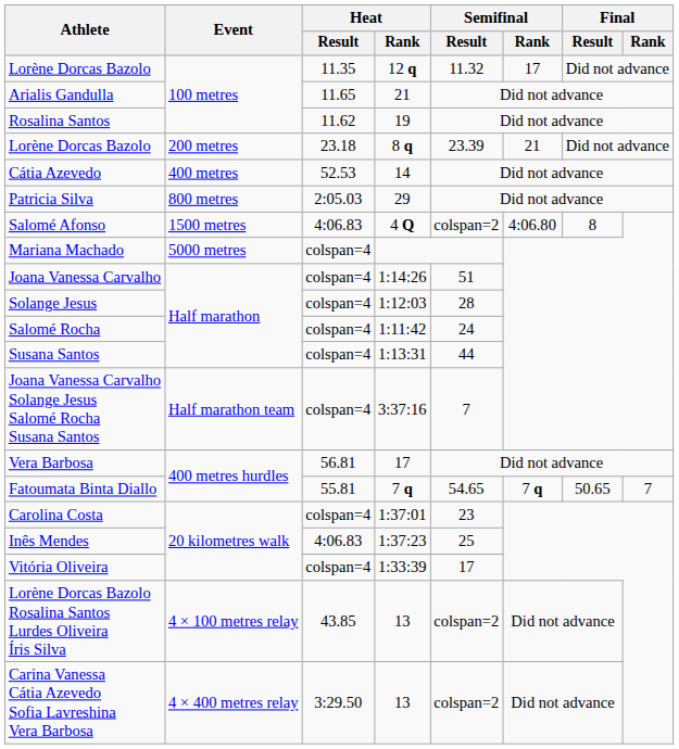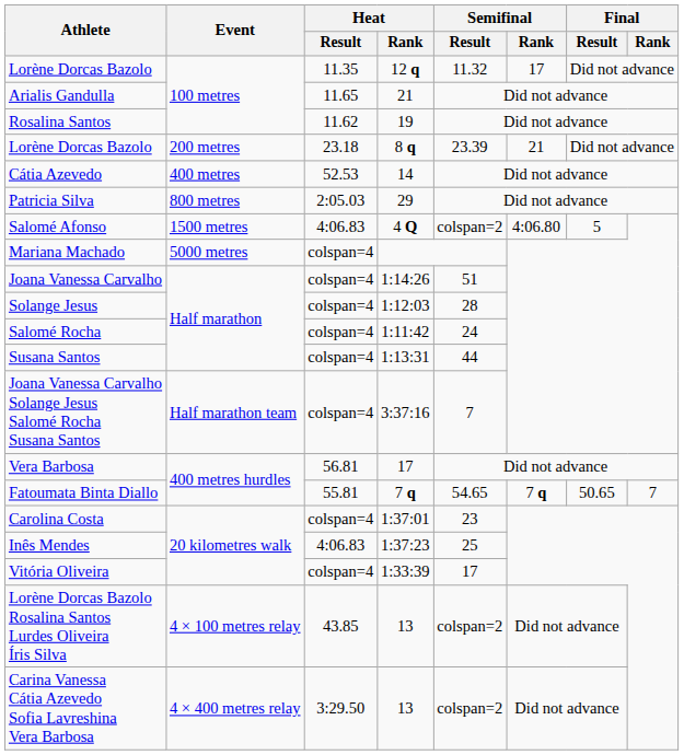 <table class=wikitable style=font-size:90%>
 <tr>
 <th rowspan=2>Athlete</th>
 <th rowspan=2>Event</th>
 <th colspan=2>Heat</th>
 <th colspan=2>Semifinal</th>
 <th colspan=2>Final</th>
 </tr>
 <tr style=font-size:95%>
 <th>Result</th>
 <th>Rank</th>
 <th>Result</th>
 <th>Rank</th>
 <th>Result</th>
 <th>Rank</th>
 </tr>
 <tr align=center>
 <td align=left><a href='#'>Lorène Dorcas Bazolo</a></td>
 <td align=left rowspan=3><a href='#'>100 metres</a></td>
 <td>11.35</td>
 <td>12 <strong>q</strong></td>
 <td>11.32</td>
 <td>17</td>
 <td colspan=2>Did not advance</td>
 </tr>
 <tr align=center>
 <td align=left><a href='#'>Arialis Gandulla</a></td>
 <td>11.65 </td>
 <td>21</td>
 <td colspan=4>Did not advance</td>
 </tr>
 <tr align=center>
 <td align=left><a href='#'>Rosalina Santos</a></td>
 <td>11.62</td>
 <td>19</td>
 <td colspan=4>Did not advance</td>
 </tr>
 <tr align=center>
 <td align=left><a href='#'>Lorène Dorcas Bazolo</a></td>
 <td align=left><a href='#'>200 metres</a></td>
 <td>23.18 </td>
 <td>8 <strong>q</strong></td>
 <td>23.39</td>
 <td>21</td>
 <td colspan=2>Did not advance</td>
 </tr>
 <tr align=center>
 <td align=left><a href='#'>Cátia Azevedo</a></td>
 <td align=left><a href='#'>400 metres</a></td>
 <td>52.53</td>
 <td>14</td>
 <td colspan=4>Did not advance</td>
 </tr>
 <tr align=center>
 <td align=left><a href='#'>Patricia Silva</a></td>
 <td align=left><a href='#'>800 metres</a></td>
 <td>2:05.03</td>
 <td>29</td>
 <td colspan=4>Did not advance</td>
 </tr>
 <tr align=center>
 <td align=left><a href='#'>Salomé Afonso</a></td>
 <td align=left><a href='#'>1500 metres</a></td>
 <td>4:06.83</td>
 <td>4 <strong>Q</strong></td>
 <td>colspan=2</td>
 <td>4:06.80</td>
-<td>8</td>
+<td>5</td>
 </tr>
 <tr align=center>
 <td align=left><a href='#'>Mariana Machado</a></td>
 <td align=left><a href='#'>5000 metres</a></td>
 <td>colspan=4</td>
 <td colspan=2></td>
 </tr>
 <tr align=center>
 <td align=left><a href='#'>Joana Vanessa Carvalho</a></td>
 <td align=left rowspan=4><a href='#'>Half marathon</a></td>
 <td>colspan=4</td>
 <td>1:14:26</td>
 <td>51</td>
 </tr>
 <tr align=center>
 <td align=left><a href='#'>Solange Jesus</a></td>
 <td>colspan=4</td>
 <td>1:12:03 </td>
 <td>28</td>
 </tr>
 <tr align=center>
 <td align=left><a href='#'>Salomé Rocha</a></td>
 <td>colspan=4</td>
 <td>1:11:42 </td>
 <td>24</td>
 </tr>
 <tr align=center>
 <td align=left><a href='#'>Susana Santos</a></td>
 <td>colspan=4</td>
 <td>1:13:31</td>
 <td>44</td>
 </tr>
 <tr align=center>
 <td align=left><a href='#'>Joana Vanessa Carvalho</a><br><a href='#'>Solange Jesus</a><br><a href='#'>Salomé Rocha</a><br><a href='#'>Susana Santos</a></td>
 <td align=left><a href='#'>Half marathon team</a></td>
 <td>colspan=4</td>
 <td>3:37:16</td>
 <td>7</td>
 </tr>
 <tr align=center>
 <td align=left><a href='#'>Vera Barbosa</a></td>
 <td align=left rowspan=2><a href='#'>400 metres hurdles</a></td>
 <td>56.81</td>
 <td>17</td>
 <td colspan=4>Did not advance</td>
 </tr>
 <tr align=center>
 <td align=left><a href='#'>Fatoumata Binta Diallo</a></td>
 <td>55.81</td>
 <td>7 <strong>q</strong></td>
 <td>54.65 </td>
 <td>7 <strong>q</strong></td>
 <td>50.65</td>
 <td>7</td>
 </tr>
 <tr align=center>
 <td align=left><a href='#'>Carolina Costa</a></td>
 <td align=left rowspan=3><a href='#'>20 kilometres walk</a></td>
 <td>colspan=4</td>
 <td>1:37:01</td>
 <td>23</td>
 </tr>
 <tr align=center>
 <td align=left><a href='#'>Inês Mendes</a></td>
 <td>4:06.83</td>
 <td>1:37:23</td>
 <td>25</td>
 </tr>
 <tr align=center>
 <td align=left><a href='#'>Vitória Oliveira</a></td>
 <td>colspan=4</td>
 <td>1:33:39</td>
 <td>17</td>
 </tr>
 <tr align=center>
 <td align=left><a href='#'>Lorène Dorcas Bazolo</a><br><a href='#'>Rosalina Santos</a><br><a href='#'>Lurdes Oliveira</a><br><a href='#'>Íris Silva</a></td>
 <td align=left><a href='#'>4 × 100 metres relay</a></td>
 <td>43.85 </td>
 <td>13</td>
 <td>colspan=2</td>
 <td colspan=2>Did not advance</td>
 </tr>
 <tr align=center>
 <td align=left><a href='#'>Carina Vanessa</a><br><a href='#'>Cátia Azevedo</a><br><a href='#'>Sofia Lavreshina</a><br><a href='#'>Vera Barbosa</a></td>
 <td align=left><a href='#'>4 × 400 metres relay</a></td>
 <td>3:29.50 </td>
 <td>13</td>
 <td>colspan=2</td>
 <td colspan=2>Did not advance</td>
 </tr>
 </table>
